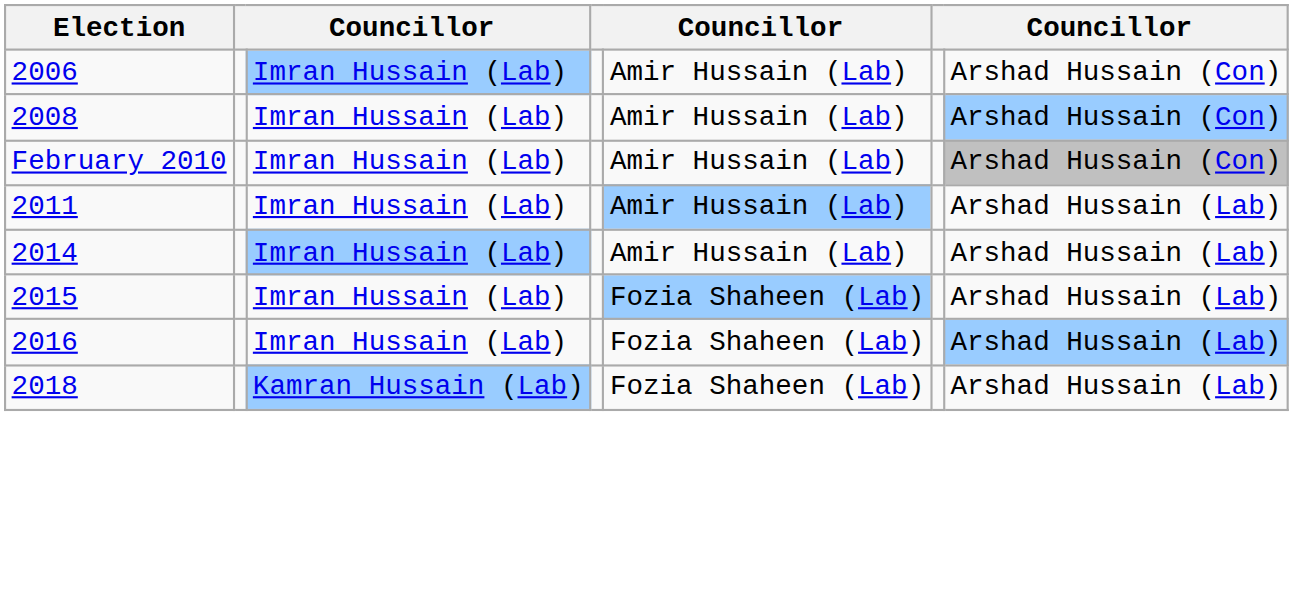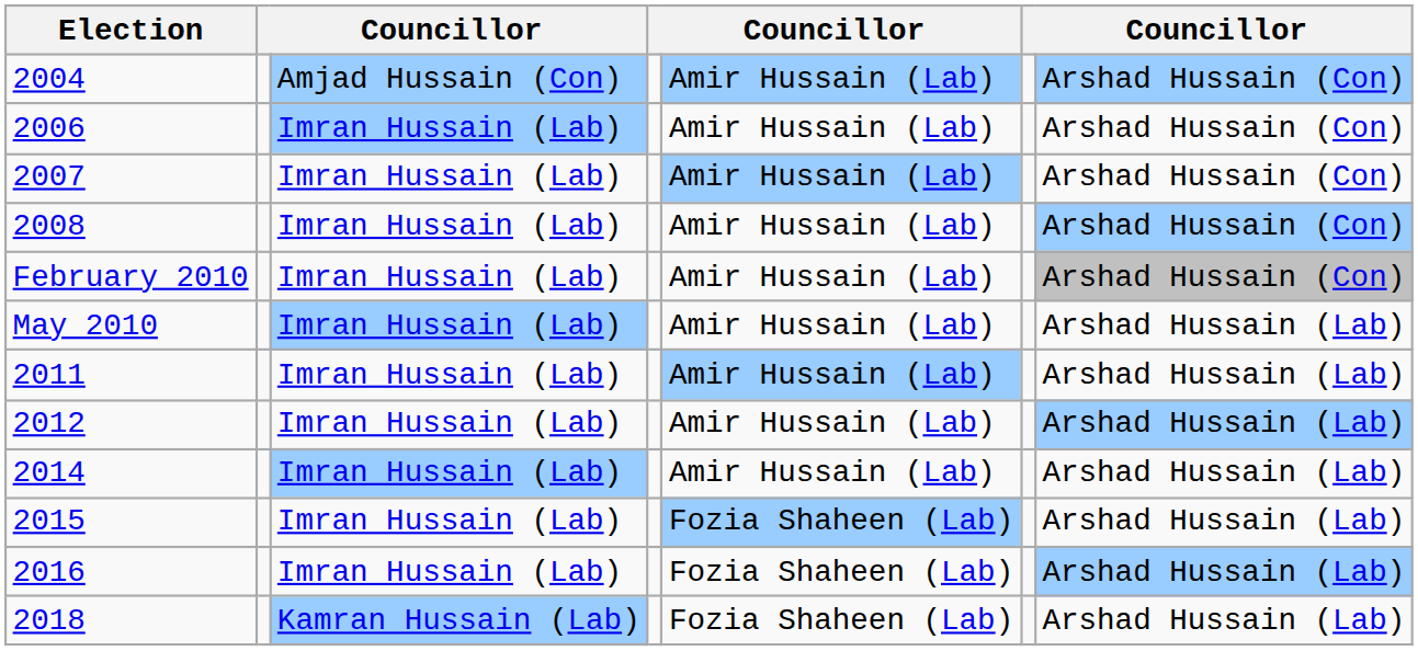 <table class="wikitable">
 <tr>
 <th>Election</th>
 <th colspan="2">Councillor</th>
 <th colspan="2">Councillor</th>
 <th colspan="2">Councillor</th>
 </tr>
 <tr>
+<td><a href='#'>2004</a></td>
+<td style="background-color: "></td>
+<td bgcolor="#99CCFF">Amjad Hussain (<a href='#'>Con</a>)</td>
+<td style="background-color: "></td>
+<td bgcolor="#99CCFF">Amir Hussain (<a href='#'>Lab</a>)</td>
+<td style="background-color: "></td>
+<td bgcolor="#99CCFF">Arshad Hussain (<a href='#'>Con</a>)</td>
+</tr>
+<tr>
 <td><a href='#'>2006</a></td>
 <td style="background-color: "></td>
 <td bgcolor="#99CCFF"><a href='#'>Imran Hussain</a> (<a href='#'>Lab</a>)</td>
 <td style="background-color: "></td>
 <td>Amir Hussain (<a href='#'>Lab</a>)</td>
+<td style="background-color: "></td>
+<td>Arshad Hussain (<a href='#'>Con</a>)</td>
+</tr>
+<tr>
+<td><a href='#'>2007</a></td>
+<td style="background-color: "></td>
+<td><a href='#'>Imran Hussain</a> (<a href='#'>Lab</a>)</td>
+<td style="background-color: "></td>
+<td bgcolor="#99CCFF">Amir Hussain (<a href='#'>Lab</a>)</td>
 <td style="background-color: "></td>
 <td>Arshad Hussain (<a href='#'>Con</a>)</td>
 </tr>
 <tr>
 <td><a href='#'>2008</a></td>
 <td style="background-color: "></td>
 <td><a href='#'>Imran Hussain</a> (<a href='#'>Lab</a>)</td>
 <td style="background-color: "></td>
 <td>Amir Hussain (<a href='#'>Lab</a>)</td>
 <td style="background-color: "></td>
 <td bgcolor="#99CCFF">Arshad Hussain (<a href='#'>Con</a>)</td>
 </tr>
 <tr>
 <td><a href='#'>February 2010</a></td>
 <td style="background-color: "></td>
 <td><a href='#'>Imran Hussain</a> (<a href='#'>Lab</a>)</td>
 <td style="background-color: "></td>
 <td>Amir Hussain (<a href='#'>Lab</a>)</td>
 <td style="background-color: "></td>
 <td bgcolor="#C0C0C0">Arshad Hussain (<a href='#'>Con</a>)</td>
 </tr>
 <tr>
+<td><a href='#'>May 2010</a></td>
+<td style="background-color: "></td>
+<td bgcolor="#99CCFF"><a href='#'>Imran Hussain</a> (<a href='#'>Lab</a>)</td>
+<td style="background-color: "></td>
+<td>Amir Hussain (<a href='#'>Lab</a>)</td>
+<td style="background-color: "></td>
+<td>Arshad Hussain (<a href='#'>Lab</a>)</td>
+</tr>
+<tr>
 <td><a href='#'>2011</a></td>
 <td style="background-color: "></td>
 <td><a href='#'>Imran Hussain</a> (<a href='#'>Lab</a>)</td>
 <td style="background-color: "></td>
 <td bgcolor="#99CCFF">Amir Hussain (<a href='#'>Lab</a>)</td>
 <td style="background-color: "></td>
 <td>Arshad Hussain (<a href='#'>Lab</a>)</td>
+</tr>
+<tr>
+<td><a href='#'>2012</a></td>
+<td style="background-color: "></td>
+<td><a href='#'>Imran Hussain</a> (<a href='#'>Lab</a>)</td>
+<td style="background-color: "></td>
+<td>Amir Hussain (<a href='#'>Lab</a>)</td>
+<td style="background-color: "></td>
+<td bgcolor="#99CCFF">Arshad Hussain (<a href='#'>Lab</a>)</td>
 </tr>
 <tr>
 <td><a href='#'>2014</a></td>
 <td style="background-color: "></td>
 <td bgcolor="#99CCFF"><a href='#'>Imran Hussain</a> (<a href='#'>Lab</a>)</td>
 <td style="background-color: "></td>
 <td>Amir Hussain (<a href='#'>Lab</a>)</td>
 <td style="background-color: "></td>
 <td>Arshad Hussain (<a href='#'>Lab</a>)</td>
 </tr>
 <tr>
 <td><a href='#'>2015</a></td>
 <td style="background-color: "></td>
 <td><a href='#'>Imran Hussain</a> (<a href='#'>Lab</a>)</td>
 <td style="background-color: "></td>
 <td bgcolor="#99CCFF">Fozia Shaheen (<a href='#'>Lab</a>)</td>
 <td style="background-color: "></td>
 <td>Arshad Hussain (<a href='#'>Lab</a>)</td>
 </tr>
 <tr>
 <td><a href='#'>2016</a></td>
 <td style="background-color: "></td>
 <td><a href='#'>Imran Hussain</a> (<a href='#'>Lab</a>)</td>
 <td style="background-color: "></td>
 <td>Fozia Shaheen (<a href='#'>Lab</a>)</td>
 <td style="background-color: "></td>
 <td bgcolor="#99CCFF">Arshad Hussain (<a href='#'>Lab</a>)</td>
 </tr>
 <tr>
 <td><a href='#'>2018</a></td>
 <td style="background-color: "></td>
 <td bgcolor="#99CCFF"><a href='#'>Kamran Hussain</a> (<a href='#'>Lab</a>)</td>
 <td style="background-color: "></td>
 <td>Fozia Shaheen (<a href='#'>Lab</a>)</td>
 <td style="background-color: "></td>
 <td>Arshad Hussain (<a href='#'>Lab</a>)</td>
 </tr>
 </table>
